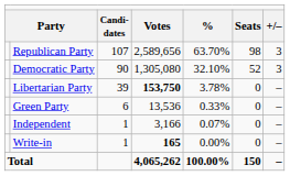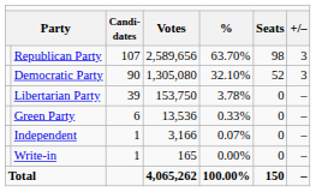 <table class="wikitable" style="font-size:100%; text-align:right;">
 <tr>
 <td colspan="15" align="center"></td>
 </tr>
 <tr>
 <th colspan="2">Party</th>
 <th><small>Candi-<br>dates</small></th>
 <th>Votes</th>
 <th>%</th>
 <th>Seats</th>
 <th>+/–</th>
 </tr>
 <tr>
 <td style="background:"></td>
 <td align="left"><a href='#'>Republican Party</a></td>
 <td>107</td>
 <td>2,589,656</td>
 <td>63.70%</td>
 <td>98</td>
 <td>3</td>
 </tr>
 <tr>
 <td style="background:"></td>
 <td align="left"><a href='#'>Democratic Party</a></td>
 <td>90</td>
 <td>1,305,080</td>
 <td>32.10%</td>
 <td>52</td>
 <td>3</td>
 </tr>
 <tr>
 <td style="background:"></td>
 <td align="left"><a href='#'>Libertarian Party</a></td>
 <td>39</td>
-<td><strong>153,750</strong></td>
+<td>153,750</td>
 <td>3.78%</td>
 <td>0</td>
 <td>–</td>
 </tr>
 <tr>
 <td style="background:"></td>
 <td align="left"><a href='#'>Green Party</a></td>
 <td>6</td>
 <td>13,536</td>
 <td>0.33%</td>
 <td>0</td>
 <td>–</td>
 </tr>
 <tr>
 <td style="background:"></td>
 <td align="left"><a href='#'>Independent</a></td>
 <td>1</td>
 <td>3,166</td>
 <td>0.07%</td>
 <td>0</td>
 <td>–</td>
 </tr>
 <tr>
 <td style="background:"></td>
 <td align="left"><a href='#'>Write-in</a></td>
 <td>1</td>
-<td><strong>165</strong></td>
+<td>165</td>
 <td>0.00%</td>
 <td>0</td>
 <td>–</td>
 </tr>
 <tr style="font-weight:bold">
 <td colspan="2" align="left">Total</td>
 <td></td>
 <td>4,065,262</td>
 <td>100.00%</td>
 <td>150</td>
 <td>–</td>
 </tr>
 </table>
